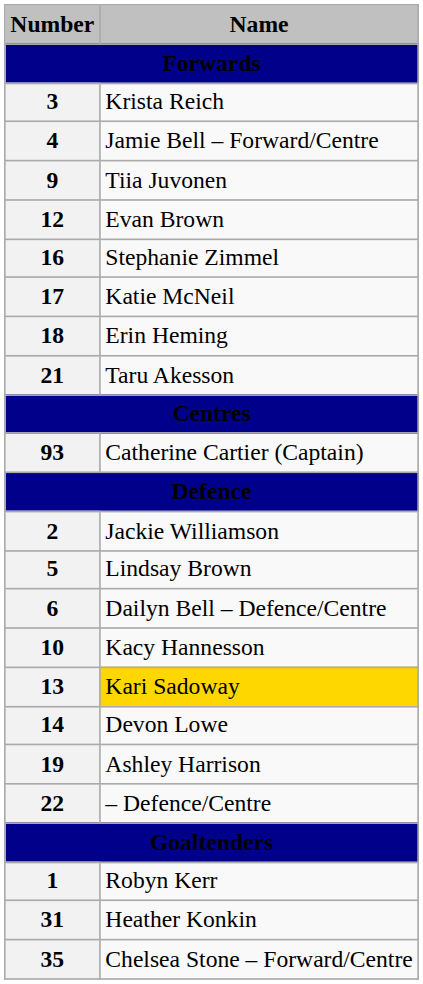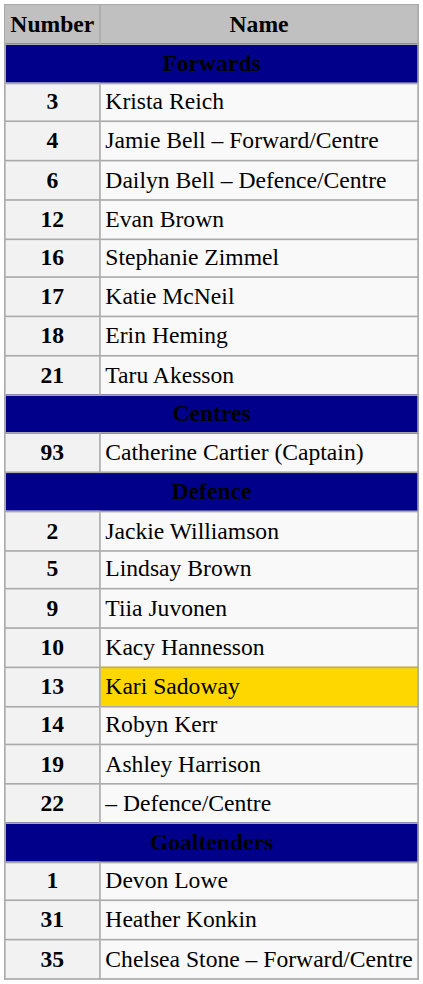 <table class="wikitable" style="text-align:left; font-size:90%;">
 <tr>
 <th style="background:silver;">Number</th>
 <th style="background:silver;">Name</th>
 </tr>
 <tr>
 <th style=background:DarkBlue colspan=2><span>Forwards</span></th>
 </tr>
 <tr>
 <th>3</th>
 <td>Krista Reich</td>
 </tr>
 <tr>
 <th>4</th>
 <td>Jamie Bell – Forward/Centre</td>
 </tr>
 <tr>
-<th>9</th>
-<td>Tiia Juvonen</td>
+<th>6</th>
+<td>Dailyn Bell – Defence/Centre</td>
 </tr>
 <tr>
 <th>12</th>
 <td>Evan Brown</td>
 </tr>
 <tr>
 <th>16</th>
 <td>Stephanie Zimmel</td>
 </tr>
 <tr>
 <th>17</th>
 <td>Katie McNeil</td>
 </tr>
 <tr>
 <th>18</th>
 <td>Erin Heming</td>
 </tr>
 <tr>
 <th>21</th>
 <td>Taru Akesson</td>
 </tr>
 <tr>
 <th style=background:DarkBlue colspan=2><span>Centres</span></th>
 </tr>
 <tr>
 <th>93</th>
 <td>Catherine Cartier (Captain)</td>
 </tr>
 <tr>
 <th style=background:DarkBlue colspan=2><span>Defence</span></th>
 </tr>
 <tr>
 <th>2</th>
 <td>Jackie Williamson</td>
 </tr>
 <tr>
 <th>5</th>
 <td>Lindsay Brown</td>
 </tr>
 <tr>
-<th>6</th>
-<td>Dailyn Bell – Defence/Centre</td>
+<th>9</th>
+<td>Tiia Juvonen</td>
 </tr>
 <tr>
 <th>10</th>
 <td>Kacy Hannesson</td>
 </tr>
 <tr>
 <th>13</th>
 <td style="background: gold;">Kari Sadoway</td>
 </tr>
 <tr>
 <th>14</th>
-<td>Devon Lowe</td>
+<td>Robyn Kerr</td>
 </tr>
 <tr>
 <th>19</th>
 <td>Ashley Harrison</td>
 </tr>
 <tr>
 <th>22</th>
 <td> – Defence/Centre</td>
 </tr>
 <tr>
 <th style=background:DarkBlue colspan=2><span>Goaltenders</span></th>
 </tr>
 <tr>
 <th>1</th>
-<td>Robyn Kerr</td>
+<td>Devon Lowe</td>
 </tr>
 <tr>
 <th>31</th>
 <td>Heather Konkin</td>
 </tr>
 <tr>
 <th>35</th>
 <td>Chelsea Stone – Forward/Centre</td>
 </tr>
 </table>
